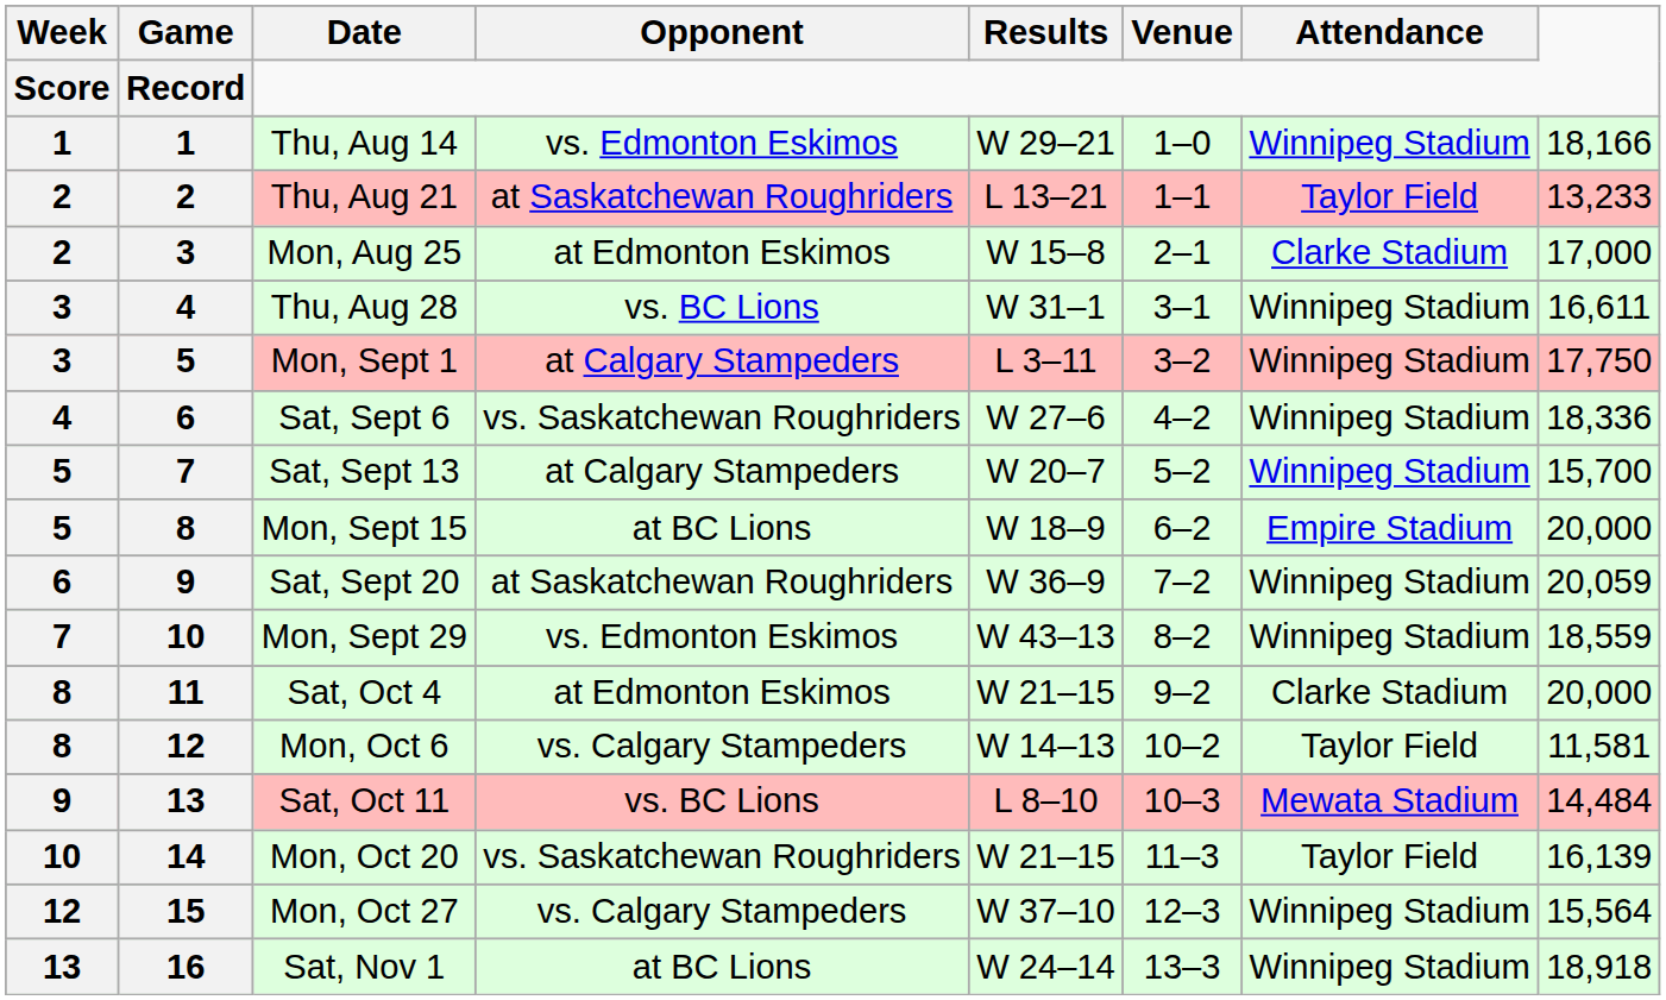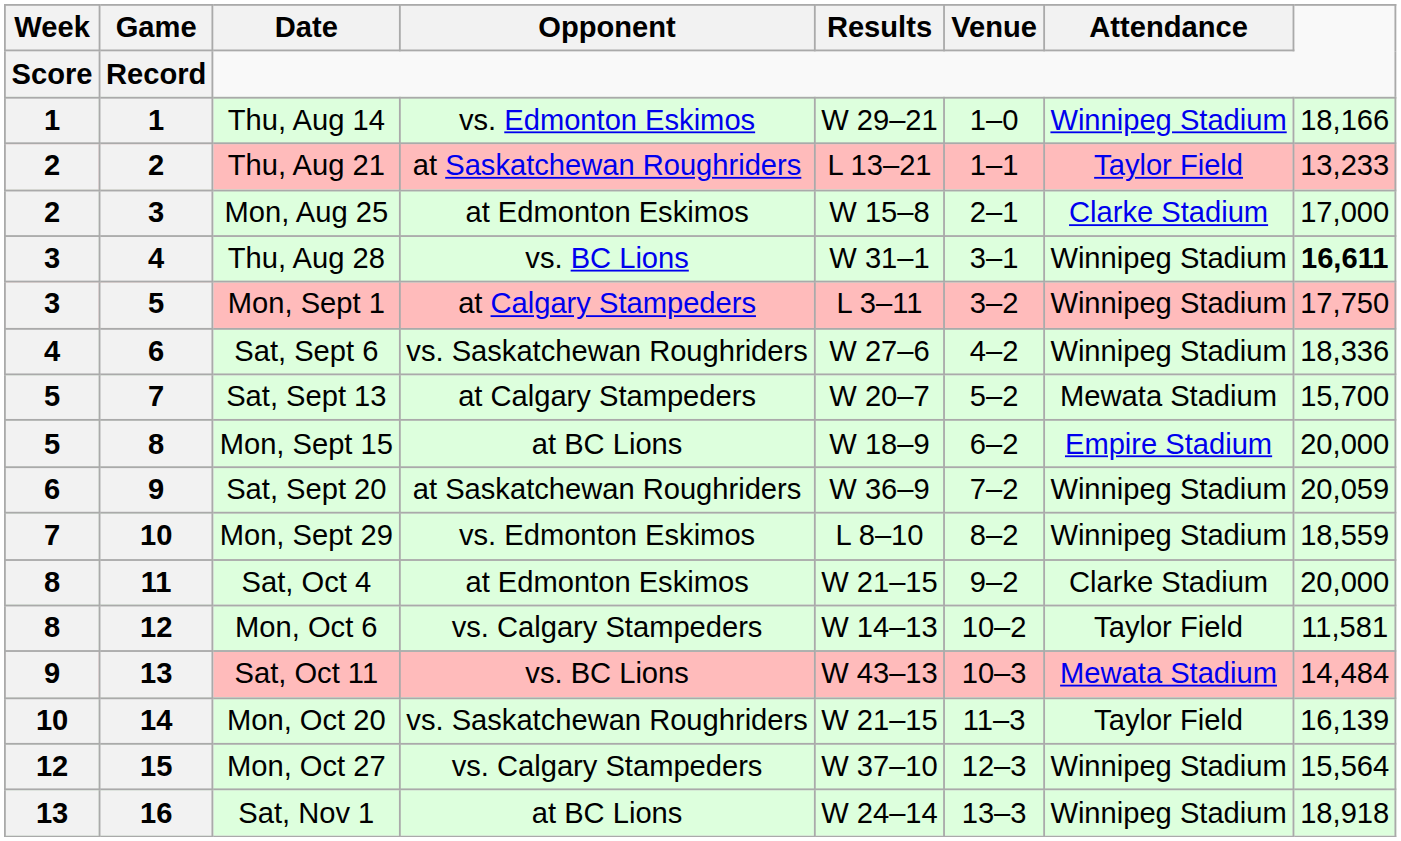 <table class="wikitable" style="text-align:center">
 <tr>
 <th>Week</th>
 <th>Game</th>
 <th>Date</th>
 <th>Opponent</th>
 <th>Results</th>
 <th>Venue</th>
 <th>Attendance</th>
 </tr>
 <tr>
 <th>Score</th>
 <th>Record</th>
 </tr>
 <tr style="background:#ddffdd">
 <th>1</th>
 <th>1</th>
 <td>Thu, Aug 14</td>
 <td>vs. <a href='#'>Edmonton Eskimos</a></td>
 <td>W 29–21</td>
 <td>1–0</td>
 <td><a href='#'>Winnipeg Stadium</a></td>
 <td>18,166</td>
 </tr>
 <tr style="background:#ffbbbb">
 <th>2</th>
 <th>2</th>
 <td>Thu, Aug 21</td>
 <td>at <a href='#'>Saskatchewan Roughriders</a></td>
 <td>L 13–21</td>
 <td>1–1</td>
 <td><a href='#'>Taylor Field</a></td>
 <td>13,233</td>
 </tr>
 <tr style="background:#ddffdd">
 <th>2</th>
 <th>3</th>
 <td>Mon, Aug 25</td>
 <td>at Edmonton Eskimos</td>
 <td>W 15–8</td>
 <td>2–1</td>
 <td><a href='#'>Clarke Stadium</a></td>
 <td>17,000</td>
 </tr>
 <tr style="background:#ddffdd">
 <th>3</th>
 <th>4</th>
 <td>Thu, Aug 28</td>
 <td>vs. <a href='#'>BC Lions</a></td>
 <td>W 31–1</td>
 <td>3–1</td>
 <td>Winnipeg Stadium</td>
-<td>16,611</td>
+<td><strong>16,611</strong></td>
 </tr>
 <tr style="background:#ffbbbb">
 <th>3</th>
 <th>5</th>
 <td>Mon, Sept 1</td>
 <td>at <a href='#'>Calgary Stampeders</a></td>
 <td>L 3–11</td>
 <td>3–2</td>
 <td>Winnipeg Stadium</td>
 <td>17,750</td>
 </tr>
 <tr style="background:#ddffdd">
 <th>4</th>
 <th>6</th>
 <td>Sat, Sept 6</td>
 <td>vs. Saskatchewan Roughriders</td>
 <td>W 27–6</td>
 <td>4–2</td>
 <td>Winnipeg Stadium</td>
 <td>18,336</td>
 </tr>
 <tr style="background:#ddffdd">
 <th>5</th>
 <th>7</th>
 <td>Sat, Sept 13</td>
 <td>at Calgary Stampeders</td>
 <td>W 20–7</td>
 <td>5–2</td>
-<td><a href='#'>Winnipeg Stadium</a></td>
+<td>Mewata Stadium</td>
 <td>15,700</td>
 </tr>
 <tr style="background:#ddffdd">
 <th>5</th>
 <th>8</th>
 <td>Mon, Sept 15</td>
 <td>at BC Lions</td>
 <td>W 18–9</td>
 <td>6–2</td>
 <td><a href='#'>Empire Stadium</a></td>
 <td>20,000</td>
 </tr>
 <tr style="background:#ddffdd">
 <th>6</th>
 <th>9</th>
 <td>Sat, Sept 20</td>
 <td>at Saskatchewan Roughriders</td>
 <td>W 36–9</td>
 <td>7–2</td>
 <td>Winnipeg Stadium</td>
 <td>20,059</td>
 </tr>
 <tr style="background:#ddffdd">
 <th>7</th>
 <th>10</th>
 <td>Mon, Sept 29</td>
 <td>vs. Edmonton Eskimos</td>
-<td>W 43–13</td>
+<td>L 8–10</td>
 <td>8–2</td>
 <td>Winnipeg Stadium</td>
 <td>18,559</td>
 </tr>
 <tr style="background:#ddffdd">
 <th>8</th>
 <th>11</th>
 <td>Sat, Oct 4</td>
 <td>at Edmonton Eskimos</td>
 <td>W 21–15</td>
 <td>9–2</td>
 <td>Clarke Stadium</td>
 <td>20,000</td>
 </tr>
 <tr style="background:#ddffdd">
 <th>8</th>
 <th>12</th>
 <td>Mon, Oct 6</td>
 <td>vs. Calgary Stampeders</td>
 <td>W 14–13</td>
 <td>10–2</td>
 <td>Taylor Field</td>
 <td>11,581</td>
 </tr>
 <tr style="background:#ffbbbb">
 <th>9</th>
 <th>13</th>
 <td>Sat, Oct 11</td>
 <td>vs. BC Lions</td>
-<td>L 8–10</td>
+<td>W 43–13</td>
 <td>10–3</td>
 <td><a href='#'>Mewata Stadium</a></td>
 <td>14,484</td>
 </tr>
 <tr style="background:#ddffdd">
 <th>10</th>
 <th>14</th>
 <td>Mon, Oct 20</td>
 <td>vs. Saskatchewan Roughriders</td>
 <td>W 21–15</td>
 <td>11–3</td>
 <td>Taylor Field</td>
 <td>16,139</td>
 </tr>
 <tr style="background:#ddffdd">
 <th>12</th>
 <th>15</th>
 <td>Mon, Oct 27</td>
 <td>vs. Calgary Stampeders</td>
 <td>W 37–10</td>
 <td>12–3</td>
 <td>Winnipeg Stadium</td>
 <td>15,564</td>
 </tr>
 <tr style="background:#ddffdd">
 <th>13</th>
 <th>16</th>
 <td>Sat, Nov 1</td>
 <td>at BC Lions</td>
 <td>W 24–14</td>
 <td>13–3</td>
 <td>Winnipeg Stadium</td>
 <td>18,918</td>
 </tr>
 </table>
